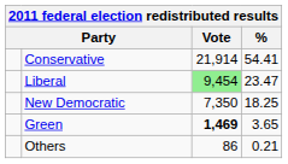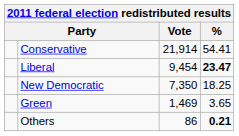 <table class="wikitable">
 <tr>
 <th colspan="4"><a href='#'>2011 federal election</a> redistributed results</th>
 </tr>
 <tr>
 <th bgcolor="#DDDDFF" width="130px" colspan="2">Party</th>
 <th bgcolor="#DDDDFF" width="50px">Vote</th>
 <th bgcolor="#DDDDFF" width="30px">%</th>
 </tr>
 <tr>
 <td> </td>
 <td><a href='#'>Conservative</a></td>
 <td align=right>21,914</td>
 <td align=right>54.41</td>
 </tr>
 <tr>
 <td> </td>
 <td><a href='#'>Liberal</a></td>
-<td align=right style="background: lightgreen;">9,454</td>
-<td align=right>23.47</td>
+<td align=right>9,454</td>
+<td align=right><strong>23.47</strong></td>
 </tr>
 <tr>
 <td> </td>
 <td><a href='#'>New Democratic</a></td>
 <td align=right>7,350</td>
 <td align=right>18.25</td>
 </tr>
 <tr>
 <td> </td>
 <td><a href='#'>Green</a></td>
-<td align=right><strong>1,469</strong></td>
+<td align=right>1,469</td>
 <td align=right>3.65</td>
 </tr>
 <tr>
 <td> </td>
 <td>Others</td>
 <td align=right>86</td>
-<td align=right>0.21</td>
+<td align=right><strong>0.21</strong></td>
 </tr>
 </table>
